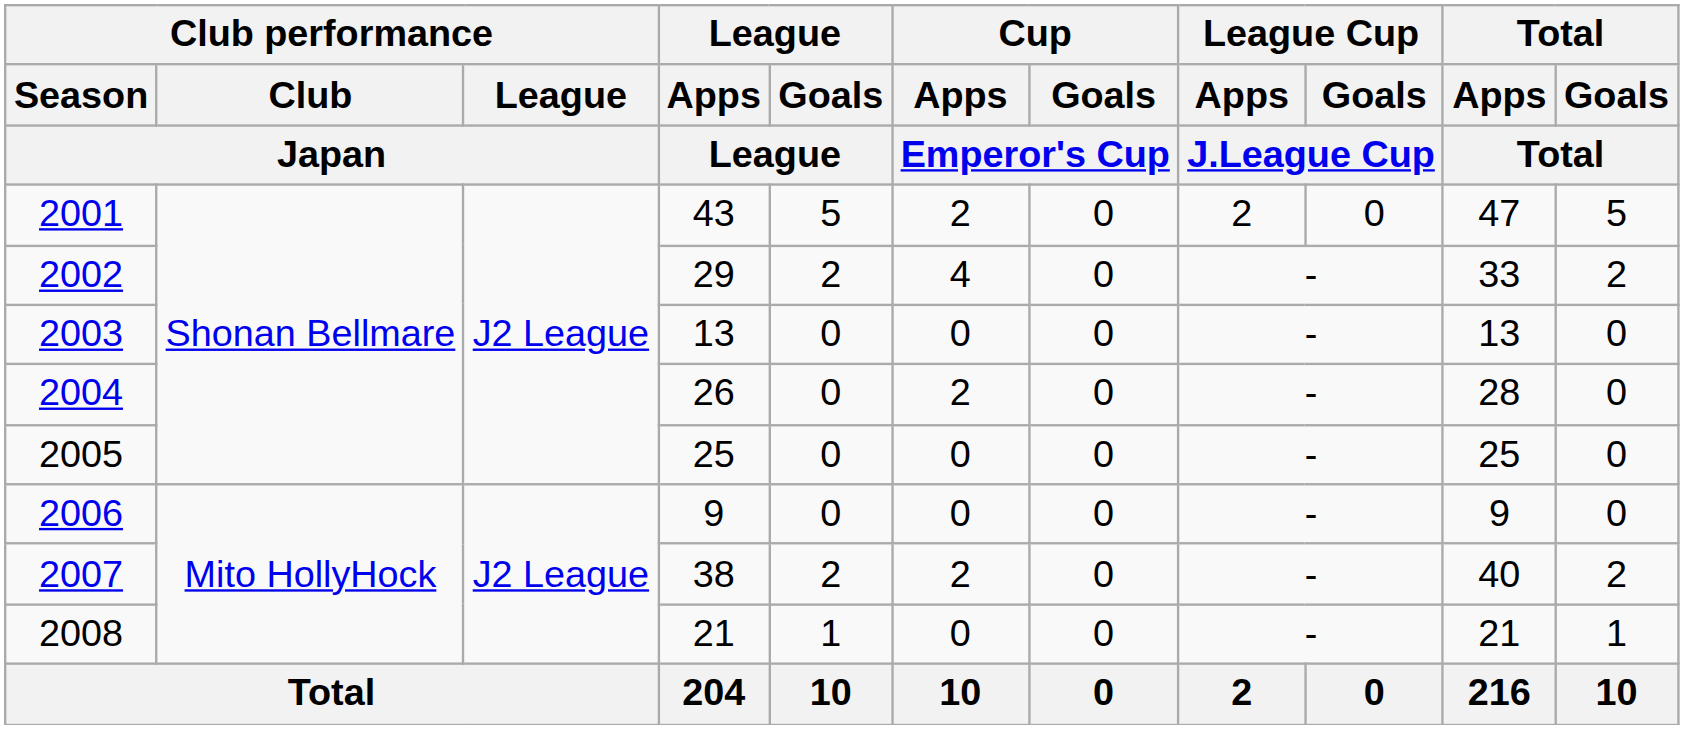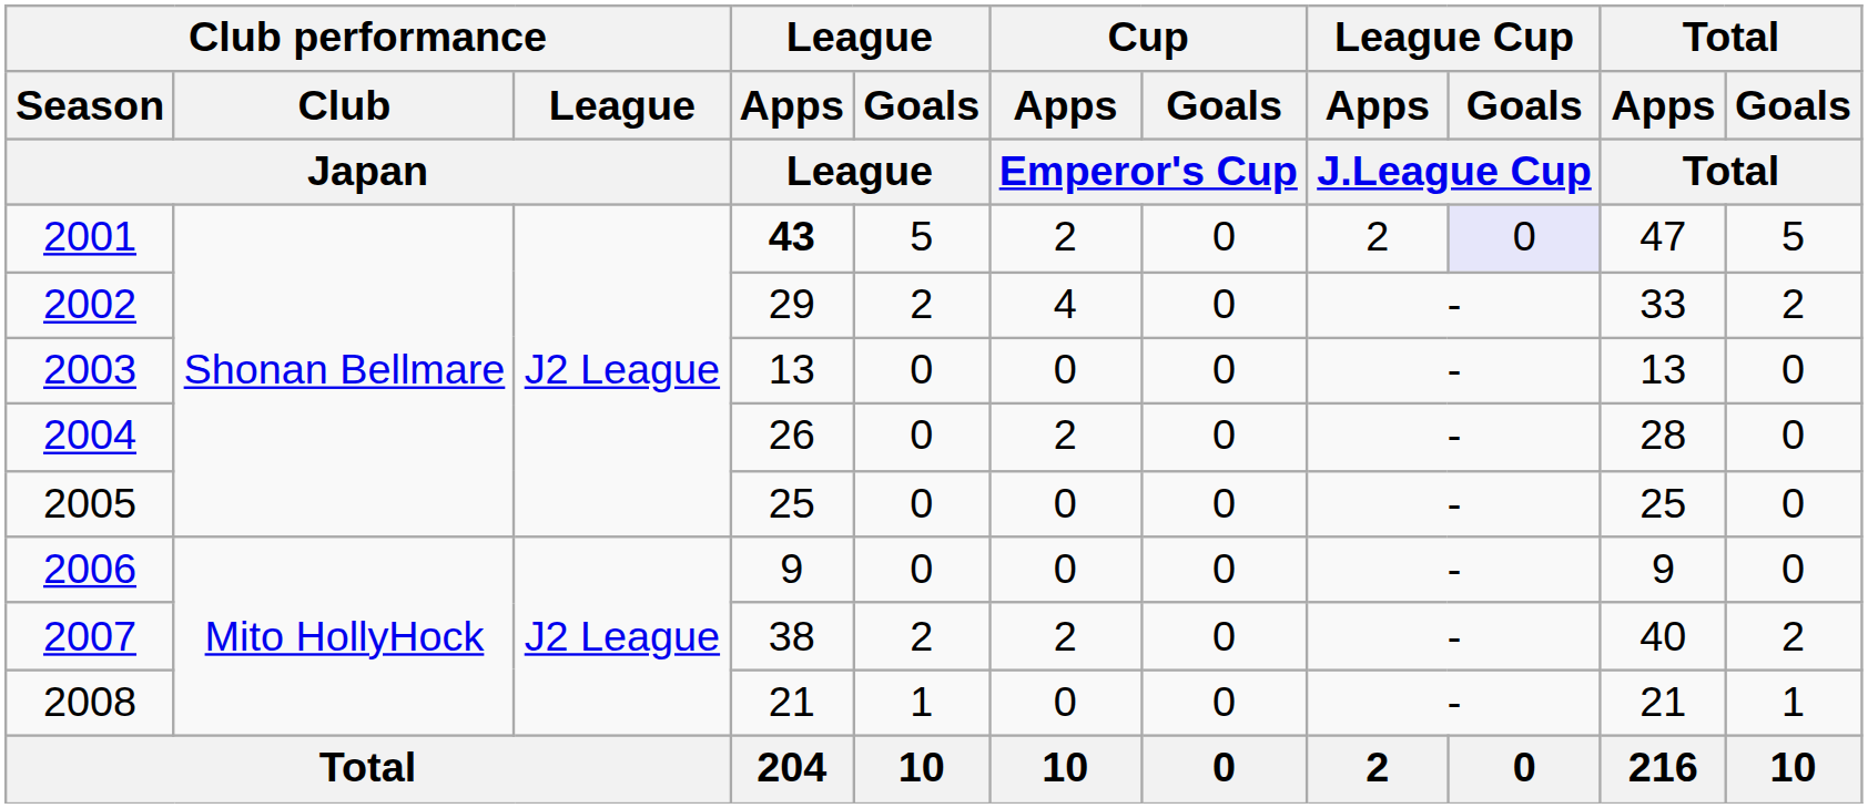 <table class="wikitable" style="text-align:center;">
 <tr>
 <th colspan=3>Club performance</th>
 <th colspan=2>League</th>
 <th colspan=2>Cup</th>
 <th colspan=2>League Cup</th>
 <th colspan=2>Total</th>
 </tr>
 <tr>
 <th>Season</th>
 <th>Club</th>
 <th>League</th>
 <th>Apps</th>
 <th>Goals</th>
 <th>Apps</th>
 <th>Goals</th>
 <th>Apps</th>
 <th>Goals</th>
 <th>Apps</th>
 <th>Goals</th>
 </tr>
 <tr>
 <th colspan=3>Japan</th>
 <th colspan=2>League</th>
 <th colspan=2><a href='#'>Emperor's Cup</a></th>
 <th colspan=2><a href='#'>J.League Cup</a></th>
 <th colspan=2>Total</th>
 </tr>
 <tr>
 <td><a href='#'>2001</a></td>
 <td rowspan="5"><a href='#'>Shonan Bellmare</a></td>
 <td rowspan="5"><a href='#'>J2 League</a></td>
-<td>43</td>
+<td><strong>43</strong></td>
 <td>5</td>
 <td>2</td>
 <td>0</td>
 <td>2</td>
-<td>0</td>
+<td style="background: lavender;">0</td>
 <td>47</td>
 <td>5</td>
 </tr>
 <tr>
 <td><a href='#'>2002</a></td>
 <td>29</td>
 <td>2</td>
 <td>4</td>
 <td>0</td>
 <td colspan="2">-</td>
 <td>33</td>
 <td>2</td>
 </tr>
 <tr>
 <td><a href='#'>2003</a></td>
 <td>13</td>
 <td>0</td>
 <td>0</td>
 <td>0</td>
 <td colspan="2">-</td>
 <td>13</td>
 <td>0</td>
 </tr>
 <tr>
 <td><a href='#'>2004</a></td>
 <td>26</td>
 <td>0</td>
 <td>2</td>
 <td>0</td>
 <td colspan="2">-</td>
 <td>28</td>
 <td>0</td>
 </tr>
 <tr>
 <td>2005</td>
 <td>25</td>
 <td>0</td>
 <td>0</td>
 <td>0</td>
 <td colspan="2">-</td>
 <td>25</td>
 <td>0</td>
 </tr>
 <tr>
 <td><a href='#'>2006</a></td>
 <td rowspan="3"><a href='#'>Mito HollyHock</a></td>
 <td rowspan="3"><a href='#'>J2 League</a></td>
 <td>9</td>
 <td>0</td>
 <td>0</td>
 <td>0</td>
 <td colspan="2">-</td>
 <td>9</td>
 <td>0</td>
 </tr>
 <tr>
 <td><a href='#'>2007</a></td>
 <td>38</td>
 <td>2</td>
 <td>2</td>
 <td>0</td>
 <td colspan="2">-</td>
 <td>40</td>
 <td>2</td>
 </tr>
 <tr>
 <td>2008</td>
 <td>21</td>
 <td>1</td>
 <td>0</td>
 <td>0</td>
 <td colspan="2">-</td>
 <td>21</td>
 <td>1</td>
 </tr>
 <tr>
 <th colspan=3>Total</th>
 <th>204</th>
 <th>10</th>
 <th>10</th>
 <th>0</th>
 <th>2</th>
 <th>0</th>
 <th>216</th>
 <th>10</th>
 </tr>
 </table>
